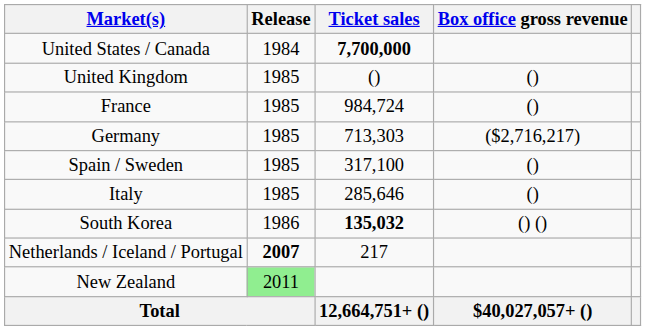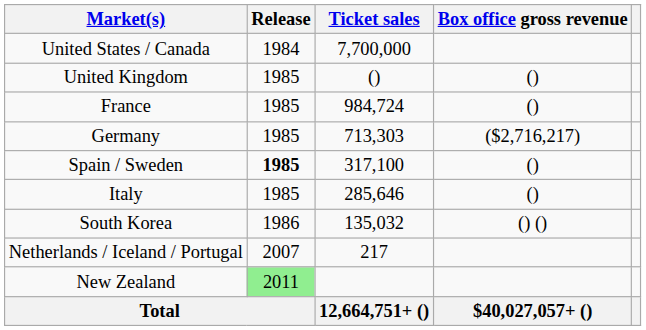 <table class="wikitable sortable" style="text-align: center">
 <tr>
 <th><a href='#'>Market(s)</a></th>
 <th>Release</th>
 <th><a href='#'>Ticket sales</a></th>
 <th><a href='#'>Box office</a> gross revenue</th>
 <th class="unsortable"></th>
 </tr>
 <tr>
 <td>United States / Canada</td>
 <td>1984</td>
-<td><strong>7,700,000</strong></td>
+<td>7,700,000</td>
 <td></td>
 <td></td>
 </tr>
 <tr>
 <td>United Kingdom</td>
 <td>1985</td>
 <td> ()</td>
 <td> ()</td>
 <td></td>
 </tr>
 <tr>
 <td>France</td>
 <td>1985</td>
 <td>984,724</td>
 <td> ()</td>
 <td></td>
 </tr>
 <tr>
 <td>Germany</td>
 <td>1985</td>
 <td>713,303</td>
 <td> ($2,716,217)</td>
 <td></td>
 </tr>
 <tr>
 <td>Spain / Sweden</td>
-<td>1985</td>
+<td><strong>1985</strong></td>
 <td>317,100</td>
 <td> ()</td>
 <td></td>
 </tr>
 <tr>
 <td>Italy</td>
 <td>1985</td>
 <td>285,646</td>
 <td> ()</td>
 <td></td>
 </tr>
 <tr>
 <td>South Korea</td>
 <td>1986</td>
-<td><strong>135,032</strong></td>
+<td>135,032</td>
 <td> () ()</td>
 <td></td>
 </tr>
 <tr>
 <td>Netherlands / Iceland / Portugal</td>
-<td><strong>2007</strong></td>
+<td>2007</td>
 <td>217</td>
 <td></td>
 <td></td>
 </tr>
 <tr>
 <td>New Zealand</td>
 <td style="background: lightgreen;">2011</td>
 <td></td>
 <td></td>
 <td></td>
 </tr>
 <tr>
 <th colspan="2">Total</th>
 <th>12,664,751+ ()</th>
 <th>$40,027,057+ ()</th>
 <th></th>
 </tr>
 </table>
